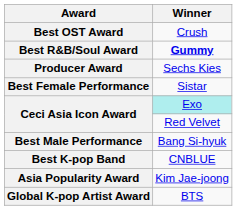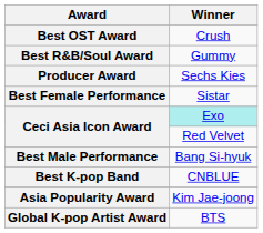 <table class="wikitable sortable plainrowheaders" style="text-align:center">
 <tr>
 <th scope="col">Award</th>
 <th scope="col">Winner</th>
 </tr>
 <tr>
 <th scope="row">Best OST Award</th>
 <td><a href='#'>Crush</a></td>
 </tr>
 <tr>
 <th scope="row">Best R&B/Soul Award</th>
-<td><strong><a href='#'>Gummy</a></strong></td>
+<td><a href='#'>Gummy</a></td>
 </tr>
 <tr>
 <th scope="row">Producer Award</th>
 <td><a href='#'>Sechs Kies</a></td>
 </tr>
 <tr>
 <th scope="row">Best Female Performance</th>
 <td><a href='#'>Sistar</a></td>
 </tr>
 <tr>
 <th scope="row" rowspan="2">Ceci Asia Icon Award</th>
 <td style="background: paleturquoise;"><a href='#'>Exo</a></td>
 </tr>
 <tr>
 <td><a href='#'>Red Velvet</a></td>
 </tr>
 <tr>
 <th scope="row">Best Male Performance</th>
 <td><a href='#'>Bang Si-hyuk</a></td>
 </tr>
 <tr>
 <th scope="row">Best K-pop Band</th>
 <td><a href='#'>CNBLUE</a></td>
 </tr>
 <tr>
 <th scope="row">Asia Popularity Award</th>
 <td><a href='#'>Kim Jae-joong</a></td>
 </tr>
 <tr>
 <th scope="row">Global K-pop Artist Award</th>
 <td><a href='#'>BTS</a></td>
 </tr>
 </table>
